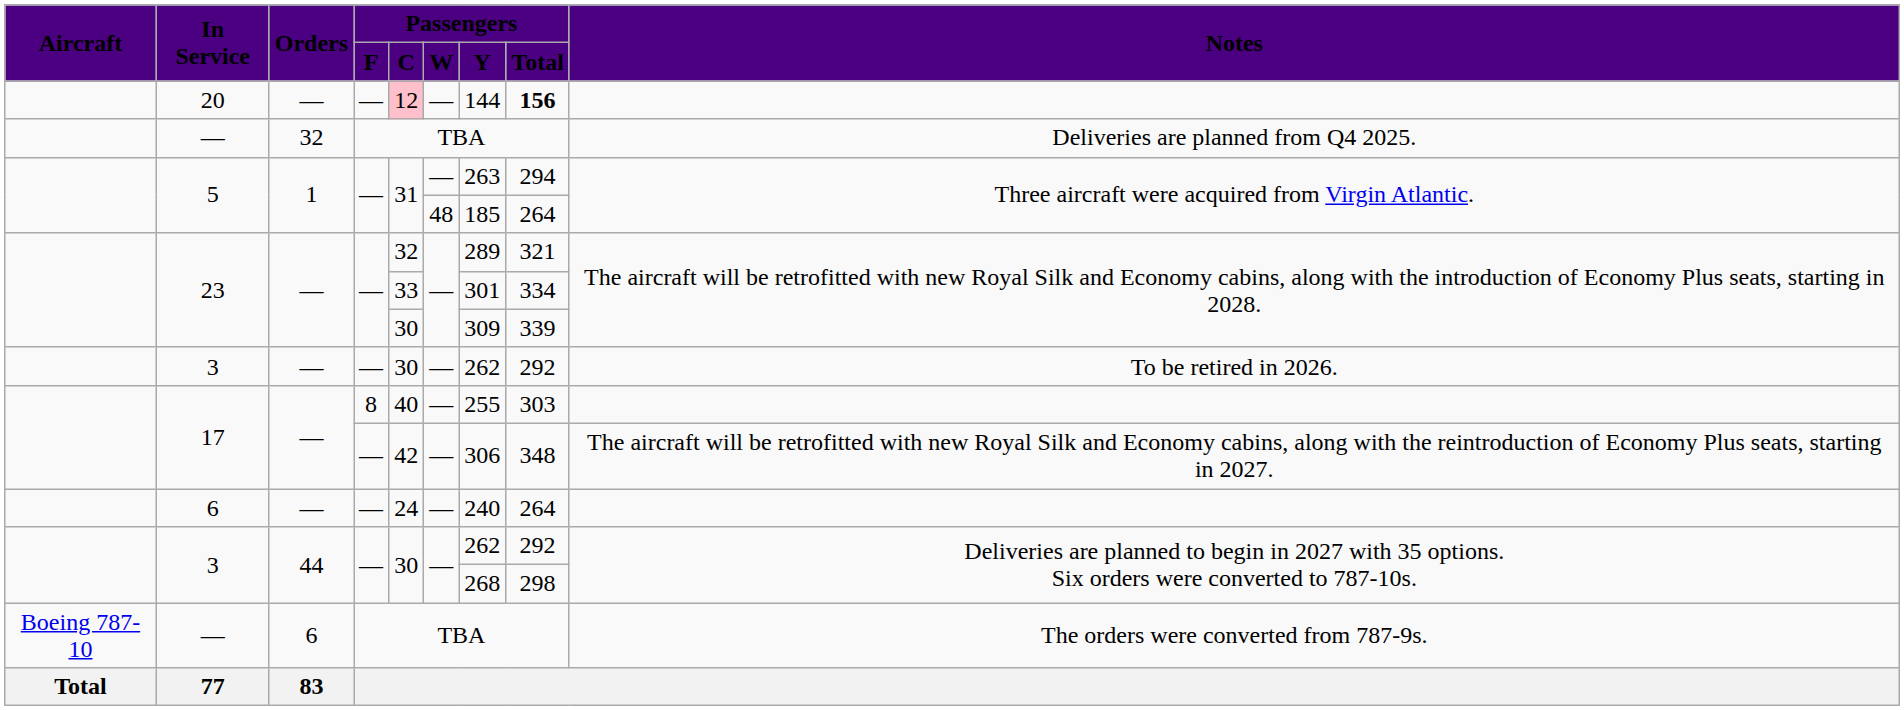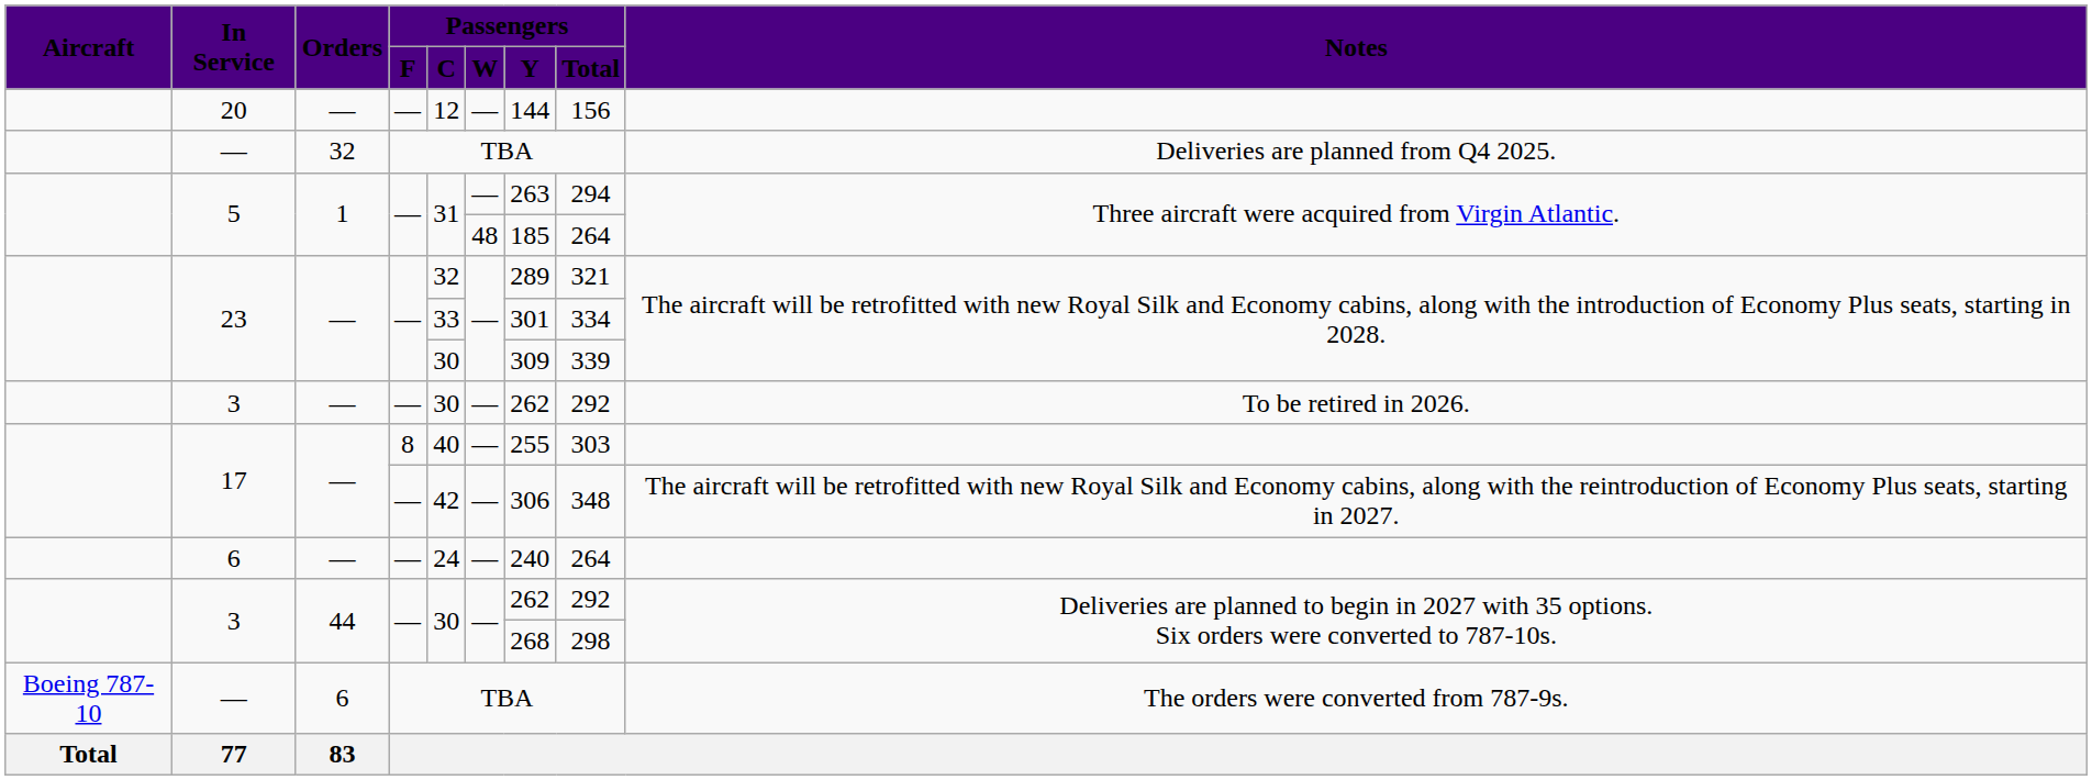 <table class="wikitable" style="border-collapse:collapse;text-align:center; margin: 1em auto;">
 <tr>
 <th rowspan=2 style="background:Indigo;"><span>Aircraft</span></th>
 <th rowspan=2 style="background:Indigo;"><span>In Service</span></th>
 <th rowspan=2 style="background:Indigo;"><span>Orders</span></th>
 <th colspan=5 style="background:Indigo;"><span>Passengers</span></th>
 <th rowspan=2 style="background:Indigo;"><span>Notes</span></th>
 </tr>
 <tr>
 <th style="background:Indigo;"><abbr><span>F</span></abbr></th>
 <th style="background:Indigo;"><abbr><span>C</span></abbr></th>
 <th style="background:Indigo;"><abbr><span>W</span></abbr></th>
 <th style="background:Indigo;"><abbr><span>Y</span></abbr></th>
 <th style="background:Indigo;"><span>Total</span></th>
 </tr>
 <tr>
 <td></td>
 <td>20</td>
 <td>—</td>
 <td>—</td>
-<td style="background: pink;">12</td>
+<td>12</td>
 <td>—</td>
 <td>144</td>
-<td><strong>156</strong></td>
+<td>156</td>
 <td></td>
 </tr>
 <tr>
 <td></td>
 <td>—</td>
 <td>32</td>
 <td colspan="5" style="text-align:center"><abbr>TBA</abbr></td>
 <td>Deliveries are planned from Q4 2025.</td>
 </tr>
 <tr>
 <td rowspan="2"></td>
 <td rowspan="2">5</td>
 <td rowspan="2">1</td>
 <td rowspan="2">—</td>
 <td rowspan="2">31</td>
 <td>—</td>
 <td>263</td>
 <td>294</td>
 <td rowspan="2">Three aircraft were acquired from <a href='#'>Virgin Atlantic</a>.</td>
 </tr>
 <tr>
 <td>48</td>
 <td>185</td>
 <td>264</td>
 </tr>
 <tr>
 <td rowspan="3"></td>
 <td rowspan="3">23</td>
 <td rowspan="3">—</td>
 <td rowspan="3">—</td>
 <td>32</td>
 <td rowspan="3">—</td>
 <td>289</td>
 <td>321</td>
 <td rowspan="3">The aircraft will be retrofitted with new Royal Silk and Economy cabins, along with the introduction of Economy Plus seats, starting in 2028.</td>
 </tr>
 <tr>
 <td>33</td>
 <td>301</td>
 <td>334</td>
 </tr>
 <tr>
 <td>30</td>
 <td>309</td>
 <td>339</td>
 </tr>
 <tr>
 <td></td>
 <td>3</td>
 <td>—</td>
 <td>—</td>
 <td>30</td>
 <td>—</td>
 <td>262</td>
 <td>292</td>
 <td>To be retired in 2026.</td>
 </tr>
 <tr>
 <td rowspan="2"></td>
 <td rowspan="2">17</td>
 <td rowspan="2">—</td>
 <td>8</td>
 <td>40</td>
 <td>—</td>
 <td>255</td>
 <td>303</td>
 <td></td>
 </tr>
 <tr>
 <td>—</td>
 <td>42</td>
 <td>—</td>
 <td>306</td>
 <td>348</td>
 <td>The aircraft will be retrofitted with new Royal Silk and Economy cabins, along with the reintroduction of Economy Plus seats, starting in 2027.</td>
 </tr>
 <tr>
 <td></td>
 <td>6</td>
 <td>—</td>
 <td>—</td>
 <td>24</td>
 <td>—</td>
 <td>240</td>
 <td>264</td>
 <td></td>
 </tr>
 <tr>
 <td rowspan="2"></td>
 <td rowspan="2">3</td>
 <td rowspan="2">44</td>
 <td rowspan="2">—</td>
 <td rowspan="2">30</td>
 <td rowspan="2">—</td>
 <td>262</td>
 <td>292</td>
 <td rowspan="2">Deliveries are planned to begin in 2027 with 35 options.<br>Six orders were converted to 787-10s.</td>
 </tr>
 <tr>
 <td>268</td>
 <td>298</td>
 </tr>
 <tr>
 <td><a href='#'>Boeing 787-10</a></td>
 <td>—</td>
 <td>6</td>
 <td colspan="5"><abbr>TBA</abbr></td>
 <td>The orders were converted from 787-9s.</td>
 </tr>
 <tr>
 <th>Total</th>
 <th>77</th>
 <th>83</th>
 <th colspan="6"></th>
 </tr>
 </table>
